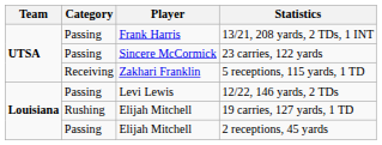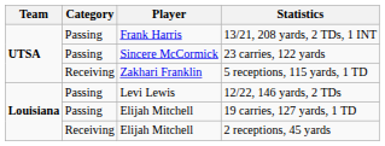 <table class="wikitable" style="float: left;">
 <tr>
 <th>Team</th>
 <th>Category</th>
 <th>Player</th>
 <th>Statistics</th>
 </tr>
 <tr>
 <td rowspan=3><strong>UTSA</strong></td>
 <td>Passing</td>
 <td><a href='#'>Frank Harris</a></td>
 <td>13/21, 208 yards, 2 TDs, 1 INT</td>
 </tr>
 <tr>
 <td>Passing</td>
 <td><a href='#'>Sincere McCormick</a></td>
 <td>23 carries, 122 yards</td>
 </tr>
 <tr>
 <td>Receiving</td>
 <td><a href='#'>Zakhari Franklin</a></td>
 <td>5 receptions, 115 yards, 1 TD</td>
 </tr>
 <tr>
 <td rowspan=3><strong>Louisiana</strong></td>
 <td>Passing</td>
 <td>Levi Lewis</td>
 <td>12/22, 146 yards, 2 TDs</td>
 </tr>
 <tr>
-<td>Rushing</td>
+<td>Passing</td>
 <td>Elijah Mitchell</td>
 <td>19 carries, 127 yards, 1 TD</td>
 </tr>
 <tr>
-<td>Passing</td>
+<td>Receiving</td>
 <td>Elijah Mitchell</td>
 <td>2 receptions, 45 yards</td>
 </tr>
 </table>
